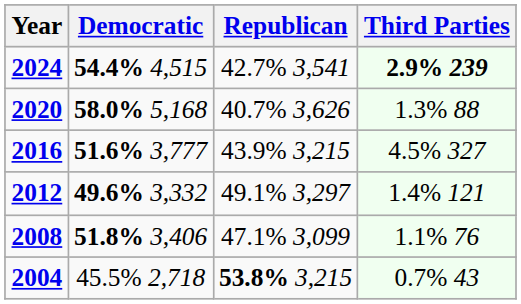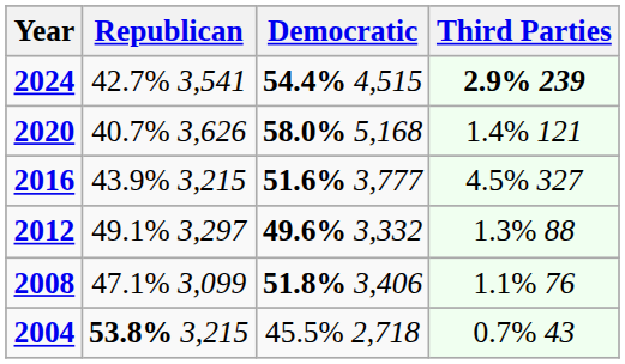 <table class="wikitable" style="float:right; font-size:95%;">
 <tr bgcolor=lightgrey>
 <th>Year</th>
+<th><a href='#'>Republican</a></th>
 <th><a href='#'>Democratic</a></th>
-<th><a href='#'>Republican</a></th>
 <th><a href='#'>Third Parties</a></th>
 </tr>
 <tr>
 <td style="text-align:center; "><strong><a href='#'>2024</a></strong></td>
+<td style="text-align:center; ">42.7% <em>3,541</em></td>
 <td style="text-align:center; "><strong>54.4%</strong> <em>4,515</em></td>
-<td style="text-align:center; ">42.7% <em>3,541</em></td>
 <td style="text-align:center; background:honeyDew;"><strong>2.9% <em>239</em></strong></td>
 </tr>
 <tr>
 <td style="text-align:center; "><strong><a href='#'>2020</a></strong></td>
+<td style="text-align:center; ">40.7% <em>3,626</em></td>
 <td style="text-align:center; "><strong>58.0%</strong> <em>5,168</em></td>
-<td style="text-align:center; ">40.7% <em>3,626</em></td>
-<td style="text-align:center; background:honeyDew;">1.3% <em>88</em></td>
+<td style="text-align:center; background:honeyDew;">1.4% <em>121</em></td>
 </tr>
 <tr>
 <td style="text-align:center; "><strong><a href='#'>2016</a></strong></td>
+<td style="text-align:center; ">43.9% <em>3,215</em></td>
 <td style="text-align:center; "><strong>51.6%</strong> <em>3,777</em></td>
-<td style="text-align:center; ">43.9% <em>3,215</em></td>
 <td style="text-align:center; background:honeyDew;">4.5% <em>327</em></td>
 </tr>
 <tr>
 <td style="text-align:center; "><strong><a href='#'>2012</a></strong></td>
+<td style="text-align:center; ">49.1% <em>3,297</em></td>
 <td style="text-align:center; "><strong>49.6%</strong> <em>3,332</em></td>
-<td style="text-align:center; ">49.1% <em>3,297</em></td>
-<td style="text-align:center; background:honeyDew;">1.4% <em>121</em></td>
+<td style="text-align:center; background:honeyDew;">1.3% <em>88</em></td>
 </tr>
 <tr>
 <td style="text-align:center; "><strong><a href='#'>2008</a></strong></td>
+<td style="text-align:center; ">47.1% <em>3,099</em></td>
 <td style="text-align:center; "><strong>51.8%</strong> <em>3,406</em></td>
-<td style="text-align:center; ">47.1% <em>3,099</em></td>
 <td style="text-align:center; background:honeyDew;">1.1% <em>76</em></td>
 </tr>
 <tr>
 <td style="text-align:center; "><strong><a href='#'>2004</a></strong></td>
+<td style="text-align:center; "><strong>53.8%</strong> <em>3,215</em></td>
 <td style="text-align:center; ">45.5% <em>2,718</em></td>
-<td style="text-align:center; "><strong>53.8%</strong> <em>3,215</em></td>
 <td style="text-align:center; background:honeyDew;">0.7% <em>43</em></td>
 </tr>
 </table>
